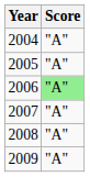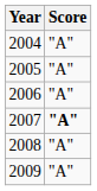 <table class="wikitable">
 <tr>
 <th>Year</th>
 <th>Score</th>
 </tr>
 <tr>
 <td>2004</td>
 <td>"A"</td>
 </tr>
 <tr>
 <td>2005</td>
 <td>"A"</td>
 </tr>
 <tr>
 <td>2006</td>
-<td style="background: lightgreen;">"A"</td>
+<td>"A"</td>
 </tr>
 <tr>
 <td>2007</td>
-<td>"A"</td>
+<td><strong>"A"</strong></td>
 </tr>
 <tr>
 <td>2008</td>
 <td>"A"</td>
 </tr>
 <tr>
 <td>2009</td>
 <td>"A"</td>
 </tr>
 </table>
